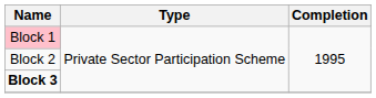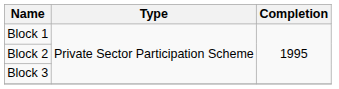 <table class="wikitable" style="text-align: center">
 <tr>
 <th>Name</th>
 <th>Type</th>
 <th>Completion</th>
 </tr>
 <tr>
-<td style="background: pink;">Block 1</td>
+<td>Block 1</td>
 <td rowspan="3">Private Sector Participation Scheme</td>
 <td rowspan="3">1995</td>
 </tr>
 <tr>
 <td>Block 2</td>
 </tr>
 <tr>
-<td><strong>Block 3</strong></td>
+<td>Block 3</td>
 </tr>
 <tr>
 </tr>
 </table>
